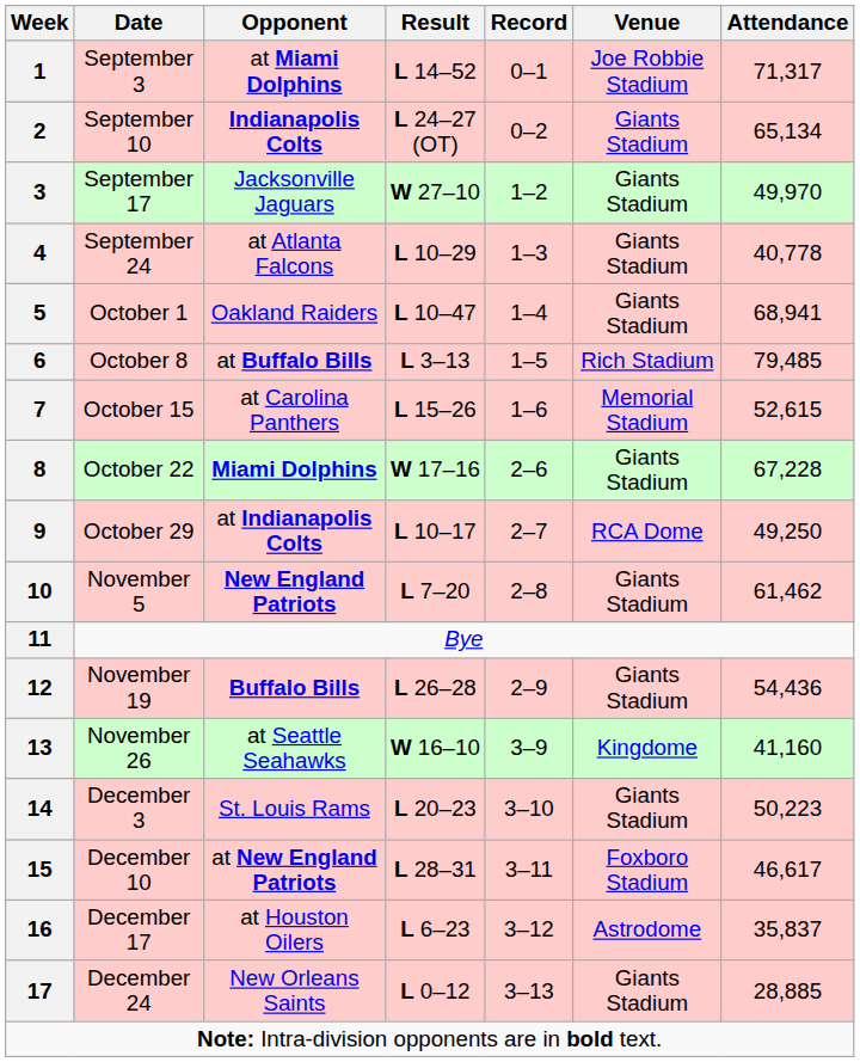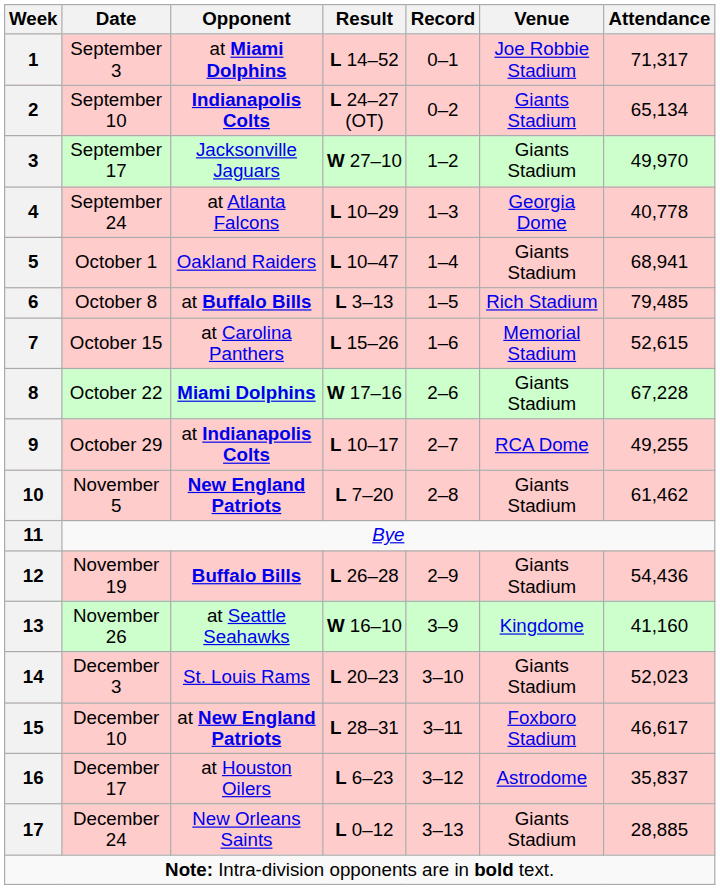 <table class="wikitable" style="text-align:center">
 <tr>
 <th>Week</th>
 <th>Date</th>
 <th>Opponent</th>
 <th>Result</th>
 <th>Record</th>
 <th>Venue</th>
 <th>Attendance</th>
 </tr>
 <tr style="background:#fcc">
 <th>1</th>
 <td>September 3</td>
 <td>at <strong><a href='#'>Miami Dolphins</a></strong></td>
 <td><strong>L</strong> 14–52</td>
 <td>0–1</td>
 <td><a href='#'>Joe Robbie Stadium</a></td>
 <td>71,317</td>
 </tr>
 <tr style="background:#fcc">
 <th>2</th>
 <td>September 10</td>
 <td><strong><a href='#'>Indianapolis Colts</a></strong></td>
 <td><strong>L</strong> 24–27 (OT)</td>
 <td>0–2</td>
 <td><a href='#'>Giants Stadium</a></td>
 <td>65,134</td>
 </tr>
 <tr style="background:#cfc">
 <th>3</th>
 <td>September 17</td>
 <td><a href='#'>Jacksonville Jaguars</a></td>
 <td><strong>W</strong> 27–10</td>
 <td>1–2</td>
 <td>Giants Stadium</td>
 <td>49,970</td>
 </tr>
 <tr style="background:#fcc">
 <th>4</th>
 <td>September 24</td>
 <td>at <a href='#'>Atlanta Falcons</a></td>
 <td><strong>L</strong> 10–29</td>
 <td>1–3</td>
-<td>Giants Stadium</td>
+<td><a href='#'>Georgia Dome</a></td>
 <td>40,778</td>
 </tr>
 <tr style="background:#fcc">
 <th>5</th>
 <td>October 1</td>
 <td><a href='#'>Oakland Raiders</a></td>
 <td><strong>L</strong> 10–47</td>
 <td>1–4</td>
 <td>Giants Stadium</td>
 <td>68,941</td>
 </tr>
 <tr style="background:#fcc">
 <th>6</th>
 <td>October 8</td>
 <td>at <strong><a href='#'>Buffalo Bills</a></strong></td>
 <td><strong>L</strong> 3–13</td>
 <td>1–5</td>
 <td><a href='#'>Rich Stadium</a></td>
 <td>79,485</td>
 </tr>
 <tr style="background:#fcc">
 <th>7</th>
 <td>October 15</td>
 <td>at <a href='#'>Carolina Panthers</a></td>
 <td><strong>L</strong> 15–26</td>
 <td>1–6</td>
 <td><a href='#'>Memorial Stadium</a></td>
 <td>52,615</td>
 </tr>
 <tr style="background:#cfc">
 <th>8</th>
 <td>October 22</td>
 <td><strong><a href='#'>Miami Dolphins</a></strong></td>
 <td><strong>W</strong> 17–16</td>
 <td>2–6</td>
 <td>Giants Stadium</td>
 <td>67,228</td>
 </tr>
 <tr style="background:#fcc">
 <th>9</th>
 <td>October 29</td>
 <td>at <strong><a href='#'>Indianapolis Colts</a></strong></td>
 <td><strong>L</strong> 10–17</td>
 <td>2–7</td>
 <td><a href='#'>RCA Dome</a></td>
-<td>49,250</td>
+<td>49,255</td>
 </tr>
 <tr style="background:#fcc">
 <th>10</th>
 <td>November 5</td>
 <td><strong><a href='#'>New England Patriots</a></strong></td>
 <td><strong>L</strong> 7–20</td>
 <td>2–8</td>
 <td>Giants Stadium</td>
 <td>61,462</td>
 </tr>
 <tr>
 <th>11</th>
 <td colspan="6" align=center><em><a href='#'>Bye</a></em></td>
 </tr>
 <tr style="background:#fcc">
 <th>12</th>
 <td>November 19</td>
 <td><strong><a href='#'>Buffalo Bills</a></strong></td>
 <td><strong>L</strong> 26–28</td>
 <td>2–9</td>
 <td>Giants Stadium</td>
 <td>54,436</td>
 </tr>
 <tr style="background:#cfc">
 <th>13</th>
 <td>November 26</td>
 <td>at <a href='#'>Seattle Seahawks</a></td>
 <td><strong>W</strong> 16–10</td>
 <td>3–9</td>
 <td><a href='#'>Kingdome</a></td>
 <td>41,160</td>
 </tr>
 <tr style="background:#fcc">
 <th>14</th>
 <td>December 3</td>
 <td><a href='#'>St. Louis Rams</a></td>
 <td><strong>L</strong> 20–23</td>
 <td>3–10</td>
 <td>Giants Stadium</td>
-<td>50,223</td>
+<td>52,023</td>
 </tr>
 <tr style="background:#fcc">
 <th>15</th>
 <td>December 10</td>
 <td>at <strong><a href='#'>New England Patriots</a></strong></td>
 <td><strong>L</strong> 28–31</td>
 <td>3–11</td>
 <td><a href='#'>Foxboro Stadium</a></td>
 <td>46,617</td>
 </tr>
 <tr style="background:#fcc">
 <th>16</th>
 <td>December 17</td>
 <td>at <a href='#'>Houston Oilers</a></td>
 <td><strong>L</strong> 6–23</td>
 <td>3–12</td>
 <td><a href='#'>Astrodome</a></td>
 <td>35,837</td>
 </tr>
 <tr style="background:#fcc">
 <th>17</th>
 <td>December 24</td>
 <td><a href='#'>New Orleans Saints</a></td>
 <td><strong>L</strong> 0–12</td>
 <td>3–13</td>
 <td>Giants Stadium</td>
 <td>28,885</td>
 </tr>
 <tr>
 <td colspan="8"><strong>Note:</strong> Intra-division opponents are in <strong>bold</strong> text.</td>
 </tr>
 </table>
